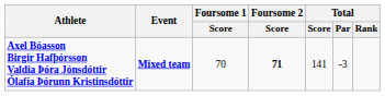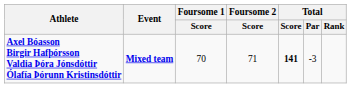 <table class=wikitable style=font-size:90%;text-align:center>
 <tr>
 <th rowspan=2>Athlete</th>
 <th rowspan=2>Event</th>
 <th>Foursome 1</th>
 <th>Foursome 2</th>
 <th colspan=3>Total</th>
 </tr>
 <tr style=font-size:95%>
 <th>Score</th>
 <th>Score</th>
 <th>Score</th>
 <th>Par</th>
 <th>Rank</th>
 </tr>
 <tr>
 <td align=left><strong><a href='#'>Axel Bóasson</a><br><a href='#'>Birgir Hafþórsson</a><br><a href='#'>Valdia Þóra Jónsdóttir</a><br><a href='#'>Ólafía Þórunn Kristinsdóttir</a></strong></td>
 <td align=left><strong><a href='#'>Mixed team</a></strong></td>
 <td>70</td>
-<td><strong>71</strong></td>
-<td>141</td>
+<td>71</td>
+<td><strong>141</strong></td>
 <td>-3</td>
 <td></td>
 </tr>
 </table>
